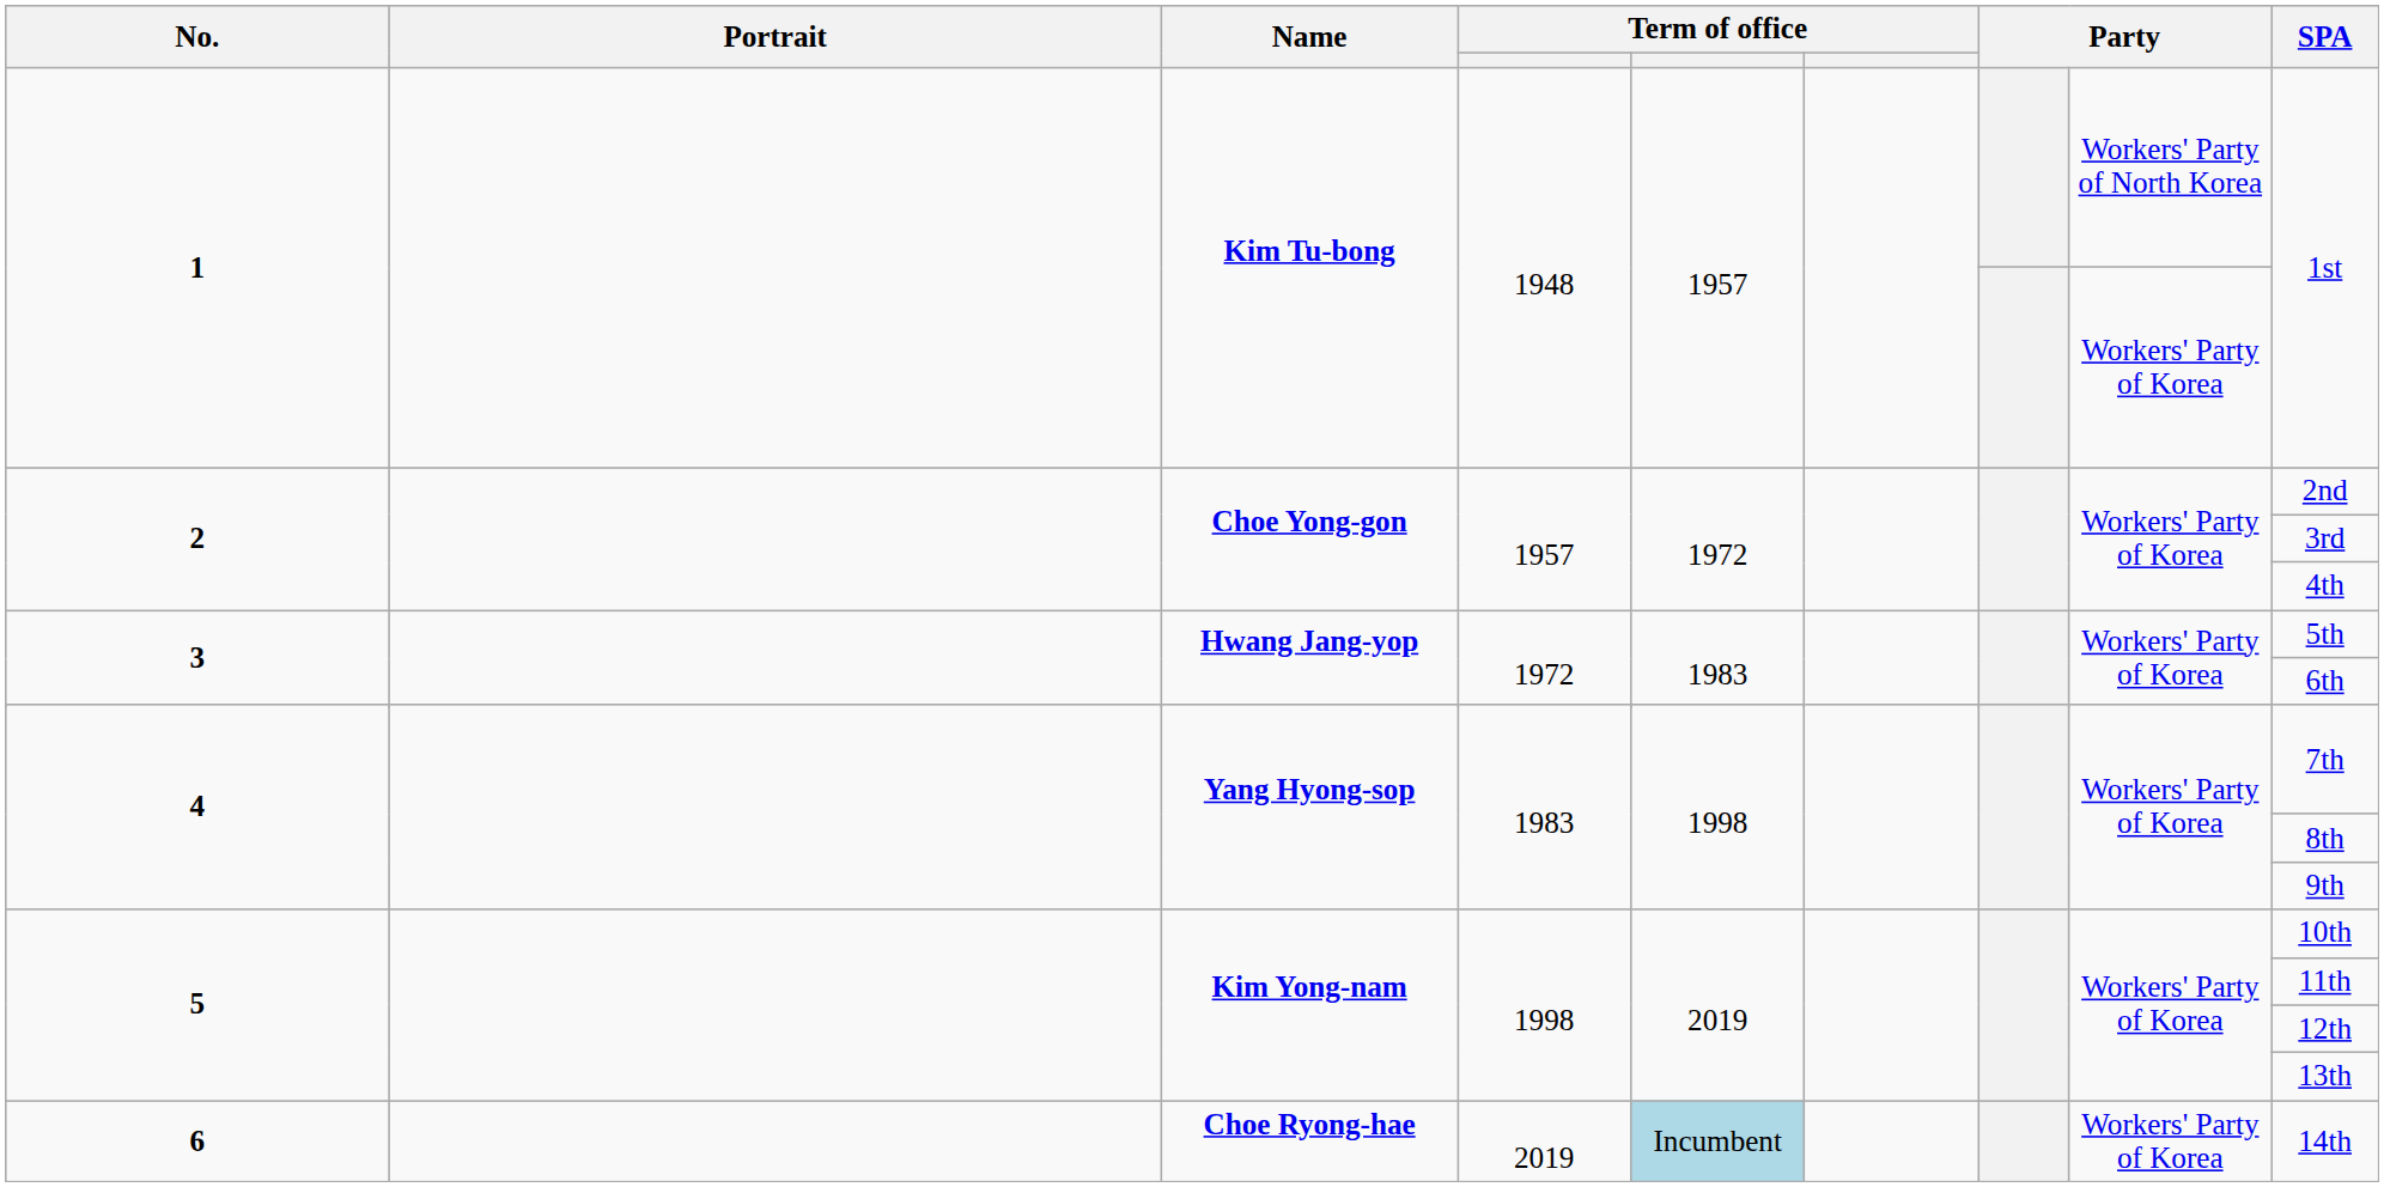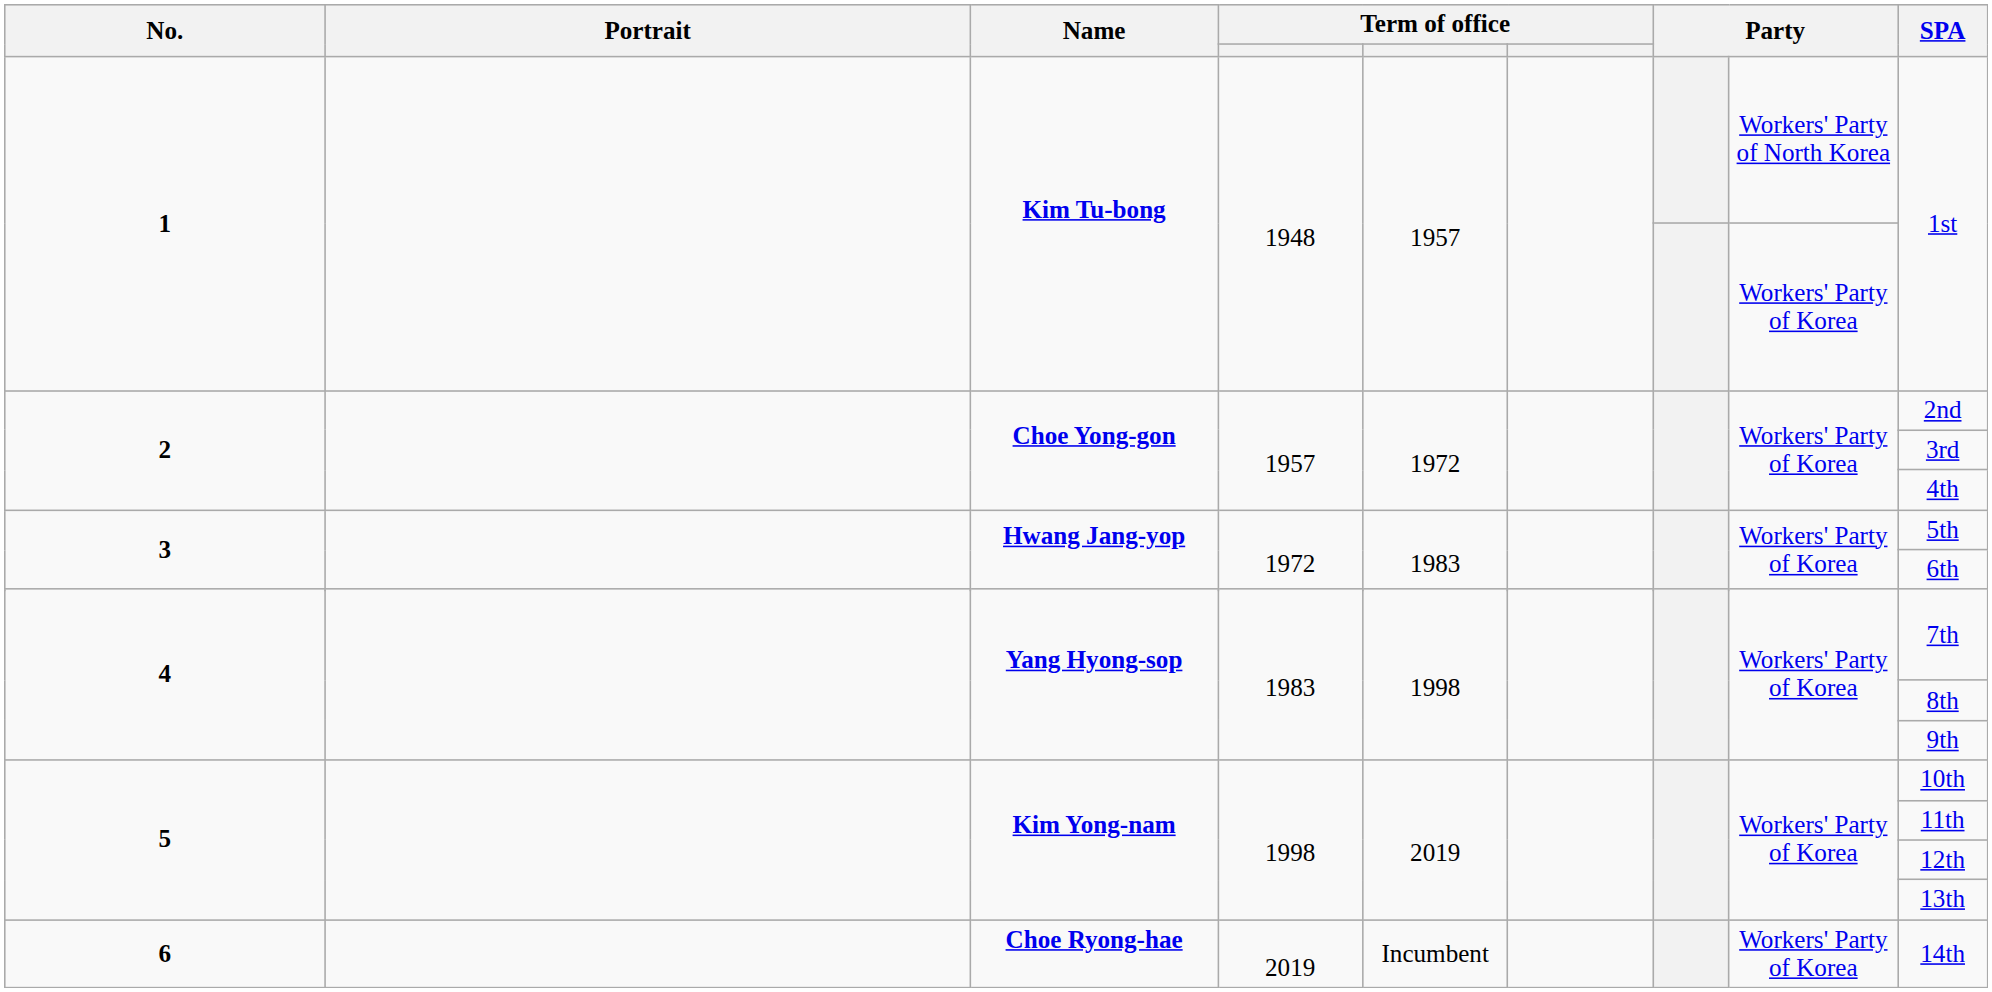 <table class="wikitable" style="text-align:center; width:100%;">
 <tr>
 <th rowspan="2">No.</th>
 <th rowspan="2">Portrait</th>
 <th rowspan="2" width="150">Name<br></th>
 <th colspan="3">Term of office</th>
 <th colspan="2" rowspan="2">Party</th>
 <th rowspan="2" width="50"><a href='#'>SPA</a></th>
 </tr>
 <tr>
 <th width="85"></th>
 <th width="85"></th>
 <th width="85"></th>
 </tr>
 <tr>
 <td rowspan="2"><strong>1</strong></td>
 <td rowspan="2"></td>
 <td rowspan="2"><strong><a href='#'>Kim Tu-bong</a></strong><br><br></td>
 <td rowspan="2"><br>1948</td>
 <td rowspan="2"><br>1957</td>
 <td rowspan="2"></td>
 <th height="99" style="background:"></th>
 <td width="100"><a href='#'>Workers' Party of North Korea</a><br></td>
 <td rowspan="2"><a href='#'>1st</a></td>
 </tr>
 <tr>
 <th height="99" style="background:"></th>
 <td><a href='#'>Workers' Party of Korea</a><br></td>
 </tr>
 <tr>
 <td rowspan="3"><strong>2</strong></td>
 <td rowspan="3"></td>
 <td rowspan="3"><strong><a href='#'>Choe Yong-gon</a></strong><br><br></td>
 <td rowspan="3"><br>1957</td>
 <td rowspan="3"><br>1972</td>
 <td rowspan="3"></td>
 <th rowspan="3" style="background:"></th>
 <td rowspan="3"><a href='#'>Workers' Party of Korea</a></td>
 <td><a href='#'>2nd</a></td>
 </tr>
 <tr>
 <td><a href='#'>3rd</a></td>
 </tr>
 <tr>
 <td><a href='#'>4th</a></td>
 </tr>
 <tr>
 <td rowspan="3"><strong>3</strong></td>
 <td rowspan="3"></td>
 <td rowspan="3"><strong><a href='#'>Hwang Jang-yop</a></strong><br><br></td>
 <td rowspan="3"><br>1972</td>
 <td rowspan="3"><br>1983</td>
 <td rowspan="3"></td>
 <th rowspan="3" style="background:"></th>
 <td rowspan="3"><a href='#'>Workers' Party of Korea</a></td>
 <td><a href='#'>5th</a></td>
 </tr>
 <tr>
 <td><a href='#'>6th</a></td>
 </tr>
 <tr>
 <td rowspan="2"><a href='#'>7th</a></td>
 </tr>
 <tr style="height:58px;">
 <td rowspan="3"><strong>4</strong></td>
 <td rowspan="3"></td>
 <td rowspan="3"><strong><a href='#'>Yang Hyong-sop</a></strong><br><br></td>
 <td rowspan="3"><br>1983</td>
 <td rowspan="3"><br>1998</td>
 <td rowspan="3"></td>
 <th rowspan="3" style="background:"></th>
 <td rowspan="3"><a href='#'>Workers' Party of Korea</a></td>
 </tr>
 <tr>
 <td><a href='#'>8th</a></td>
 </tr>
 <tr>
 <td><a href='#'>9th</a></td>
 </tr>
 <tr>
 <td rowspan="4"><strong>5</strong></td>
 <td rowspan="4"></td>
 <td rowspan="4"><strong><a href='#'>Kim Yong-nam</a></strong><br><br></td>
 <td rowspan="4"><br>1998</td>
 <td rowspan="4"><br>2019</td>
 <td rowspan="4"></td>
 <th rowspan="4" style="background:"></th>
 <td rowspan="4"><a href='#'>Workers' Party of Korea</a></td>
 <td><a href='#'>10th</a></td>
 </tr>
 <tr>
 <td><a href='#'>11th</a></td>
 </tr>
 <tr>
 <td><a href='#'>12th</a></td>
 </tr>
 <tr>
 <td><a href='#'>13th</a></td>
 </tr>
 <tr>
 <td><strong>6</strong></td>
 <td></td>
 <td><strong><a href='#'>Choe Ryong-hae</a></strong><br><br></td>
 <td><br>2019</td>
-<td style="background: lightblue;">Incumbent</td>
+<td>Incumbent</td>
 <td></td>
 <th style="background:"></th>
 <td><a href='#'>Workers' Party of Korea</a></td>
 <td><a href='#'>14th</a></td>
 </tr>
 </table>
